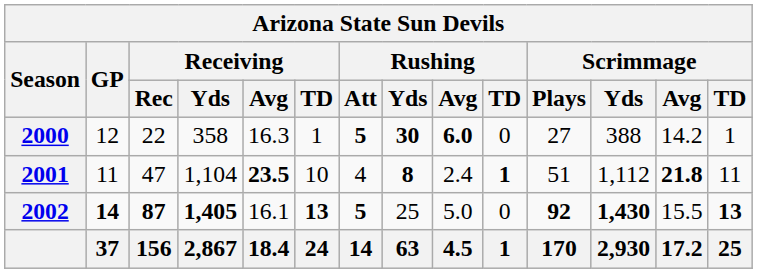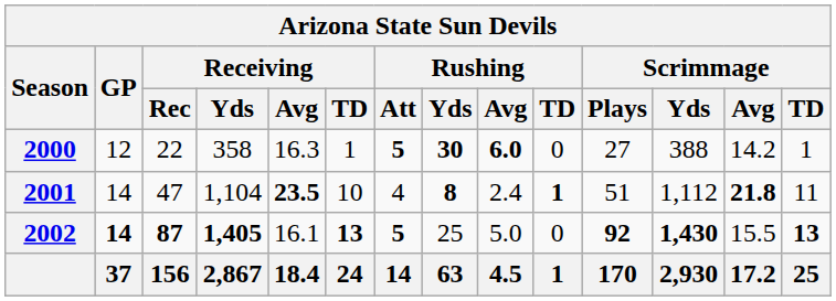 <table class="wikitable" style="text-align:center;">
 <tr>
 <th colspan=19>Arizona State Sun Devils</th>
 </tr>
 <tr>
 <th rowspan="2">Season</th>
 <th rowspan="2">GP</th>
 <th colspan="4">Receiving</th>
 <th colspan="4">Rushing</th>
 <th colspan="4">Scrimmage</th>
 </tr>
 <tr>
 <th>Rec</th>
 <th>Yds</th>
 <th>Avg</th>
 <th>TD</th>
 <th>Att</th>
 <th>Yds</th>
 <th>Avg</th>
 <th>TD</th>
 <th>Plays</th>
 <th>Yds</th>
 <th>Avg</th>
 <th>TD</th>
 </tr>
 <tr>
 <th><a href='#'>2000</a></th>
 <td>12</td>
 <td>22</td>
 <td>358</td>
 <td>16.3</td>
 <td>1</td>
 <td><strong>5</strong></td>
 <td><strong>30</strong></td>
 <td><strong>6.0</strong></td>
 <td>0</td>
 <td>27</td>
 <td>388</td>
 <td>14.2</td>
 <td>1</td>
 </tr>
 <tr>
 <th><a href='#'>2001</a></th>
-<td>11</td>
+<td>14</td>
 <td>47</td>
 <td>1,104</td>
 <td><strong>23.5</strong></td>
 <td>10</td>
 <td>4</td>
 <td><strong>8</strong></td>
 <td>2.4</td>
 <td><strong>1</strong></td>
 <td>51</td>
 <td>1,112</td>
 <td><strong>21.8</strong></td>
 <td>11</td>
 </tr>
 <tr>
 <th><a href='#'>2002</a></th>
 <td><strong>14</strong></td>
 <td><strong>87</strong></td>
 <td><strong>1,405</strong></td>
 <td>16.1</td>
 <td><strong>13</strong></td>
 <td><strong>5</strong></td>
 <td>25</td>
 <td>5.0</td>
 <td>0</td>
 <td><strong>92</strong></td>
 <td><strong>1,430</strong></td>
 <td>15.5</td>
 <td><strong>13</strong></td>
 </tr>
 <tr>
 <th></th>
 <th>37</th>
 <th>156</th>
 <th>2,867</th>
 <th>18.4</th>
 <th>24</th>
 <th>14</th>
 <th>63</th>
 <th>4.5</th>
 <th>1</th>
 <th>170</th>
 <th>2,930</th>
 <th>17.2</th>
 <th>25</th>
 </tr>
 </table>
